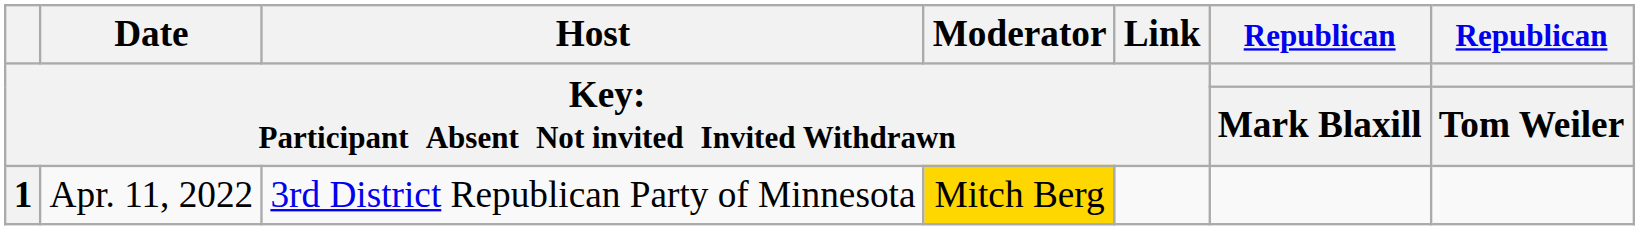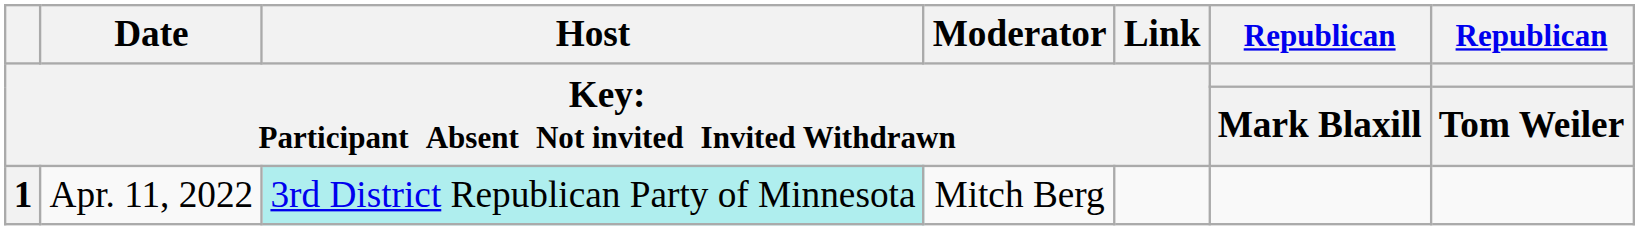 <table class="wikitable" style="text-align:center;">
 <tr>
 <th scope="col"></th>
 <th scope="col">Date</th>
 <th scope="col">Host</th>
 <th scope="col">Moderator</th>
 <th scope="col">Link</th>
 <th scope="col"><small><a href='#'>Republican</a></small></th>
 <th scope="col"><small><a href='#'>Republican</a></small></th>
 </tr>
 <tr>
 <th colspan="5" rowspan="2">Key:<br> <small>Participant </small>  <small>Absent </small>  <small>Not invited </small>  <small>Invited  Withdrawn</small></th>
 <th scope="col" style="background:"></th>
 <th scope="col" style="background:"></th>
 </tr>
 <tr>
 <th scope="col">Mark Blaxill</th>
 <th scope="col">Tom Weiler</th>
 </tr>
 <tr>
 <th>1</th>
 <td style="white-space:nowrap;">Apr. 11, 2022</td>
-<td style="white-space:nowrap;"><a href='#'>3rd District</a> Republican Party of Minnesota</td>
-<td style="background: gold; white-space:nowrap;">Mitch Berg</td>
+<td style="background: paleturquoise; white-space:nowrap;"><a href='#'>3rd District</a> Republican Party of Minnesota</td>
+<td style="white-space:nowrap;">Mitch Berg</td>
 <td style="white-space:nowrap;"></td>
 <td></td>
 <td></td>
 </tr>
 </table>
